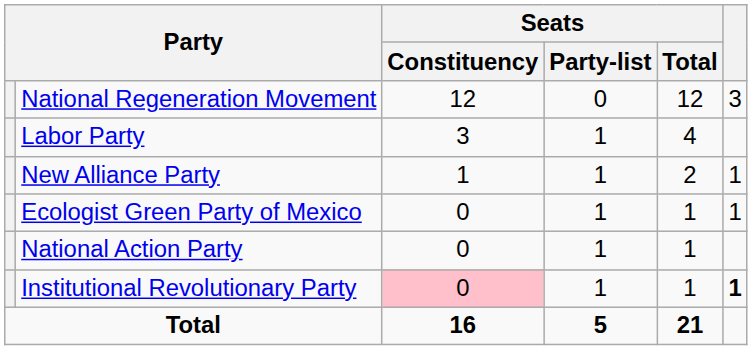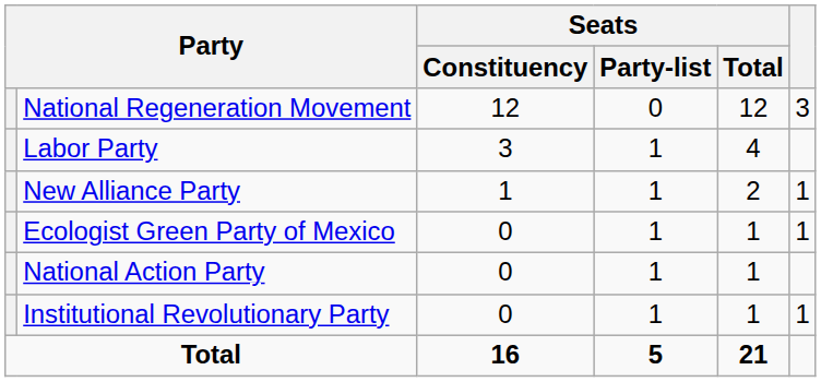 <table class="wikitable" style="text-align:center;">
 <tr>
 <th colspan="2" rowspan="2">Party</th>
 <th colspan="3">Seats</th>
 <th rowspan="2"></th>
 </tr>
 <tr>
 <th style="width:3em"><strong>Constituency</strong></th>
 <th>Party-list</th>
 <th>Total</th>
 </tr>
 <tr>
 <th style="background-color:"></th>
 <td style="text-align:left;"><a href='#'>National Regeneration Movement</a></td>
 <td>12</td>
 <td>0</td>
 <td>12</td>
 <td> 3</td>
 </tr>
 <tr>
 <th style="background-color:"></th>
 <td style="text-align:left;"><a href='#'>Labor Party</a></td>
 <td>3</td>
 <td>1</td>
 <td>4</td>
 <td></td>
 </tr>
 <tr>
 <th style="background-color:"></th>
 <td style="text-align:left;"><a href='#'>New Alliance Party</a></td>
 <td>1</td>
 <td>1</td>
 <td>2</td>
 <td> 1</td>
 </tr>
 <tr>
 <th style="background-color:"></th>
 <td style="text-align:left;"><a href='#'>Ecologist Green Party of Mexico</a></td>
 <td>0</td>
 <td>1</td>
 <td>1</td>
 <td> 1</td>
 </tr>
 <tr>
 <th style="background-color:"></th>
 <td style="text-align:left;"><a href='#'>National Action Party</a></td>
 <td>0</td>
 <td>1</td>
 <td>1</td>
 <td></td>
 </tr>
 <tr>
 <th style="background-color:"></th>
 <td style="text-align:left;"><a href='#'>Institutional Revolutionary Party</a></td>
-<td style="background: pink;">0</td>
+<td>0</td>
 <td>1</td>
 <td>1</td>
-<td><strong> 1</strong></td>
+<td> 1</td>
 </tr>
 <tr>
 <td colspan="2"><strong>Total</strong></td>
 <td><strong>16</strong></td>
 <td><strong>5</strong></td>
 <td><strong>21</strong></td>
 <td></td>
 </tr>
 </table>
